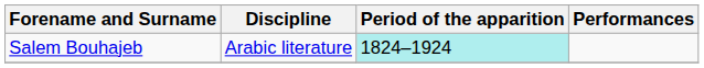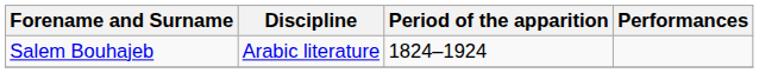 <table class="wikitable">
 <tr>
 <th>Forename and Surname</th>
 <th>Discipline</th>
 <th>Period of the apparition</th>
 <th>Performances</th>
 </tr>
 <tr>
 <td><a href='#'>Salem Bouhajeb</a></td>
 <td><a href='#'>Arabic literature</a></td>
-<td style="background: paleturquoise;">1824–1924</td>
+<td>1824–1924</td>
 <td></td>
 </tr>
 <tr>
 </tr>
 </table>
